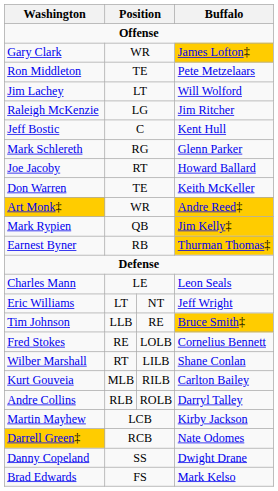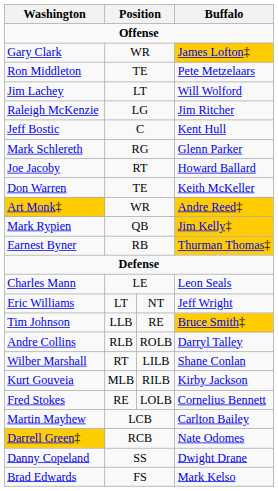 <table class="wikitable">
 <tr>
 <th width="125px">Washington</th>
 <th colspan="2">Position</th>
 <th>Buffalo</th>
 </tr>
 <tr>
 <td colspan="4" style="text-align:center"><strong>Offense</strong></td>
 </tr>
 <tr>
 <td><a href='#'>Gary Clark</a></td>
 <td colspan="2" style="text-align:center">WR</td>
 <td bgcolor="#FFCC00"><a href='#'>James Lofton</a>‡</td>
 </tr>
 <tr>
 <td><a href='#'>Ron Middleton</a></td>
 <td colspan="2" style="text-align:center">TE</td>
 <td><a href='#'>Pete Metzelaars</a></td>
 </tr>
 <tr>
 <td><a href='#'>Jim Lachey</a></td>
 <td colspan="2" style="text-align:center">LT</td>
 <td><a href='#'>Will Wolford</a></td>
 </tr>
 <tr>
 <td><a href='#'>Raleigh McKenzie</a></td>
 <td colspan="2" style="text-align:center">LG</td>
 <td><a href='#'>Jim Ritcher</a></td>
 </tr>
 <tr>
 <td><a href='#'>Jeff Bostic</a></td>
 <td colspan="2" style="text-align:center">C</td>
 <td><a href='#'>Kent Hull</a></td>
 </tr>
 <tr>
 <td><a href='#'>Mark Schlereth</a></td>
 <td colspan="2" style="text-align:center">RG</td>
 <td><a href='#'>Glenn Parker</a></td>
 </tr>
 <tr>
 <td><a href='#'>Joe Jacoby</a></td>
 <td colspan="2" style="text-align:center">RT</td>
 <td><a href='#'>Howard Ballard</a></td>
 </tr>
 <tr>
 <td><a href='#'>Don Warren</a></td>
 <td colspan="2" style="text-align:center">TE</td>
 <td><a href='#'>Keith McKeller</a></td>
 </tr>
 <tr>
 <td bgcolor="#FFCC00"><a href='#'>Art Monk</a>‡</td>
 <td colspan="2" style="text-align:center">WR</td>
 <td bgcolor="#FFCC00"><a href='#'>Andre Reed</a>‡</td>
 </tr>
 <tr>
 <td><a href='#'>Mark Rypien</a></td>
 <td colspan="2" style="text-align:center">QB</td>
 <td bgcolor="#FFCC00"><a href='#'>Jim Kelly</a>‡</td>
 </tr>
 <tr>
 <td><a href='#'>Earnest Byner</a></td>
 <td colspan="2" style="text-align:center">RB</td>
 <td bgcolor="#FFCC00"><a href='#'>Thurman Thomas</a>‡</td>
 </tr>
 <tr>
 <td colspan="4" style="text-align:center"><strong>Defense</strong></td>
 </tr>
 <tr>
 <td><a href='#'>Charles Mann</a></td>
 <td colspan="2" style="text-align:center">LE</td>
 <td><a href='#'>Leon Seals</a></td>
 </tr>
 <tr>
 <td><a href='#'>Eric Williams</a></td>
 <td style="text-align:center">LT</td>
 <td style="text-align:center">NT</td>
 <td><a href='#'>Jeff Wright</a></td>
 </tr>
 <tr>
 <td><a href='#'>Tim Johnson</a></td>
 <td style="text-align:center">LLB</td>
 <td style="text-align:center">RE</td>
 <td bgcolor="#FFCC00"><a href='#'>Bruce Smith</a>‡</td>
 </tr>
 <tr>
-<td><a href='#'>Fred Stokes</a></td>
-<td style="text-align:center">RE</td>
-<td style="text-align:center">LOLB</td>
-<td><a href='#'>Cornelius Bennett</a></td>
+<td><a href='#'>Andre Collins</a></td>
+<td style="text-align:center">RLB</td>
+<td style="text-align:center">ROLB</td>
+<td><a href='#'>Darryl Talley</a></td>
 </tr>
 <tr>
 <td><a href='#'>Wilber Marshall</a></td>
 <td style="text-align:center">RT</td>
 <td style="text-align:center">LILB</td>
 <td><a href='#'>Shane Conlan</a></td>
 </tr>
 <tr>
 <td><a href='#'>Kurt Gouveia</a></td>
 <td style="text-align:center">MLB</td>
 <td style="text-align:center">RILB</td>
-<td><a href='#'>Carlton Bailey</a></td>
+<td><a href='#'>Kirby Jackson</a></td>
 </tr>
 <tr>
-<td><a href='#'>Andre Collins</a></td>
-<td style="text-align:center">RLB</td>
-<td style="text-align:center">ROLB</td>
-<td><a href='#'>Darryl Talley</a></td>
+<td><a href='#'>Fred Stokes</a></td>
+<td style="text-align:center">RE</td>
+<td style="text-align:center">LOLB</td>
+<td><a href='#'>Cornelius Bennett</a></td>
 </tr>
 <tr>
 <td><a href='#'>Martin Mayhew</a></td>
 <td colspan="2" style="text-align:center">LCB</td>
-<td><a href='#'>Kirby Jackson</a></td>
+<td><a href='#'>Carlton Bailey</a></td>
 </tr>
 <tr>
 <td bgcolor="#FFCC00"><a href='#'>Darrell Green</a>‡</td>
 <td colspan="2" style="text-align:center">RCB</td>
 <td><a href='#'>Nate Odomes</a></td>
 </tr>
 <tr>
 <td><a href='#'>Danny Copeland</a></td>
 <td colspan="2" style="text-align:center">SS</td>
 <td><a href='#'>Dwight Drane</a></td>
 </tr>
 <tr>
 <td><a href='#'>Brad Edwards</a></td>
 <td colspan="2" style="text-align:center">FS</td>
 <td><a href='#'>Mark Kelso</a></td>
 </tr>
 </table>
